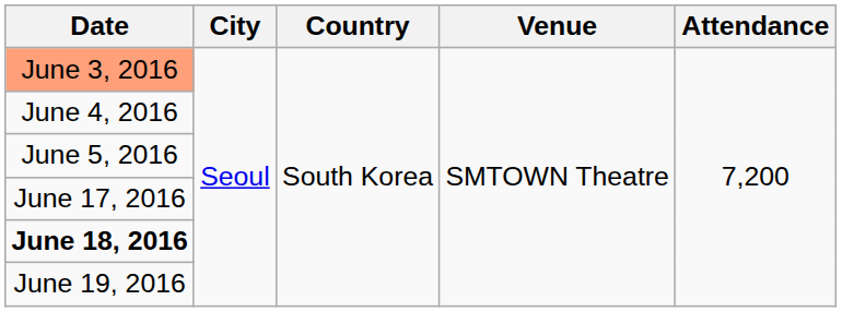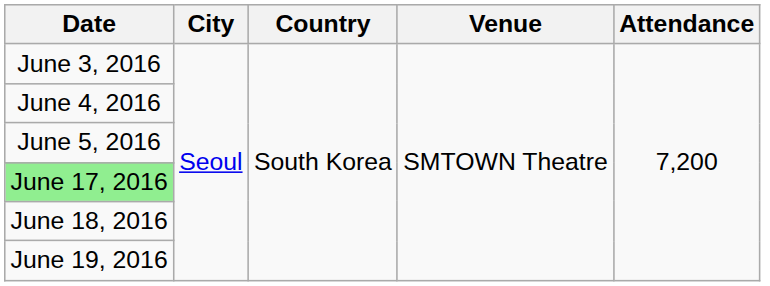 <table class="wikitable plainrowheaders" style="text-align:center;">
 <tr>
 <th>Date</th>
 <th>City</th>
 <th>Country</th>
 <th>Venue</th>
 <th>Attendance</th>
 </tr>
 <tr>
-<td style="background: lightsalmon;">June 3, 2016</td>
+<td>June 3, 2016</td>
 <td rowspan="6"><a href='#'>Seoul</a></td>
 <td rowspan="6">South Korea</td>
 <td rowspan="6">SMTOWN Theatre</td>
 <td rowspan="6">7,200</td>
 </tr>
 <tr>
 <td>June 4, 2016</td>
 </tr>
 <tr>
 <td>June 5, 2016</td>
 </tr>
 <tr>
-<td>June 17, 2016</td>
+<td style="background: lightgreen;">June 17, 2016</td>
 </tr>
 <tr>
-<td><strong>June 18, 2016</strong></td>
+<td>June 18, 2016</td>
 </tr>
 <tr>
 <td>June 19, 2016</td>
 </tr>
 </table>
